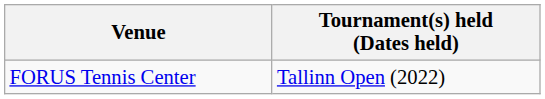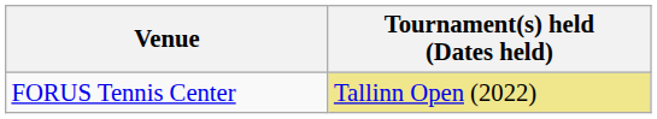 <table class="wikitable">
 <tr>
 <th width="200">Venue</th>
 <th width="200">Tournament(s) held<br>(Dates held)</th>
 </tr>
 <tr>
 <td><a href='#'>FORUS Tennis Center</a></td>
-<td><a href='#'>Tallinn Open</a> (2022)</td>
+<td style="background: khaki;"><a href='#'>Tallinn Open</a> (2022)</td>
 </tr>
 </table>
